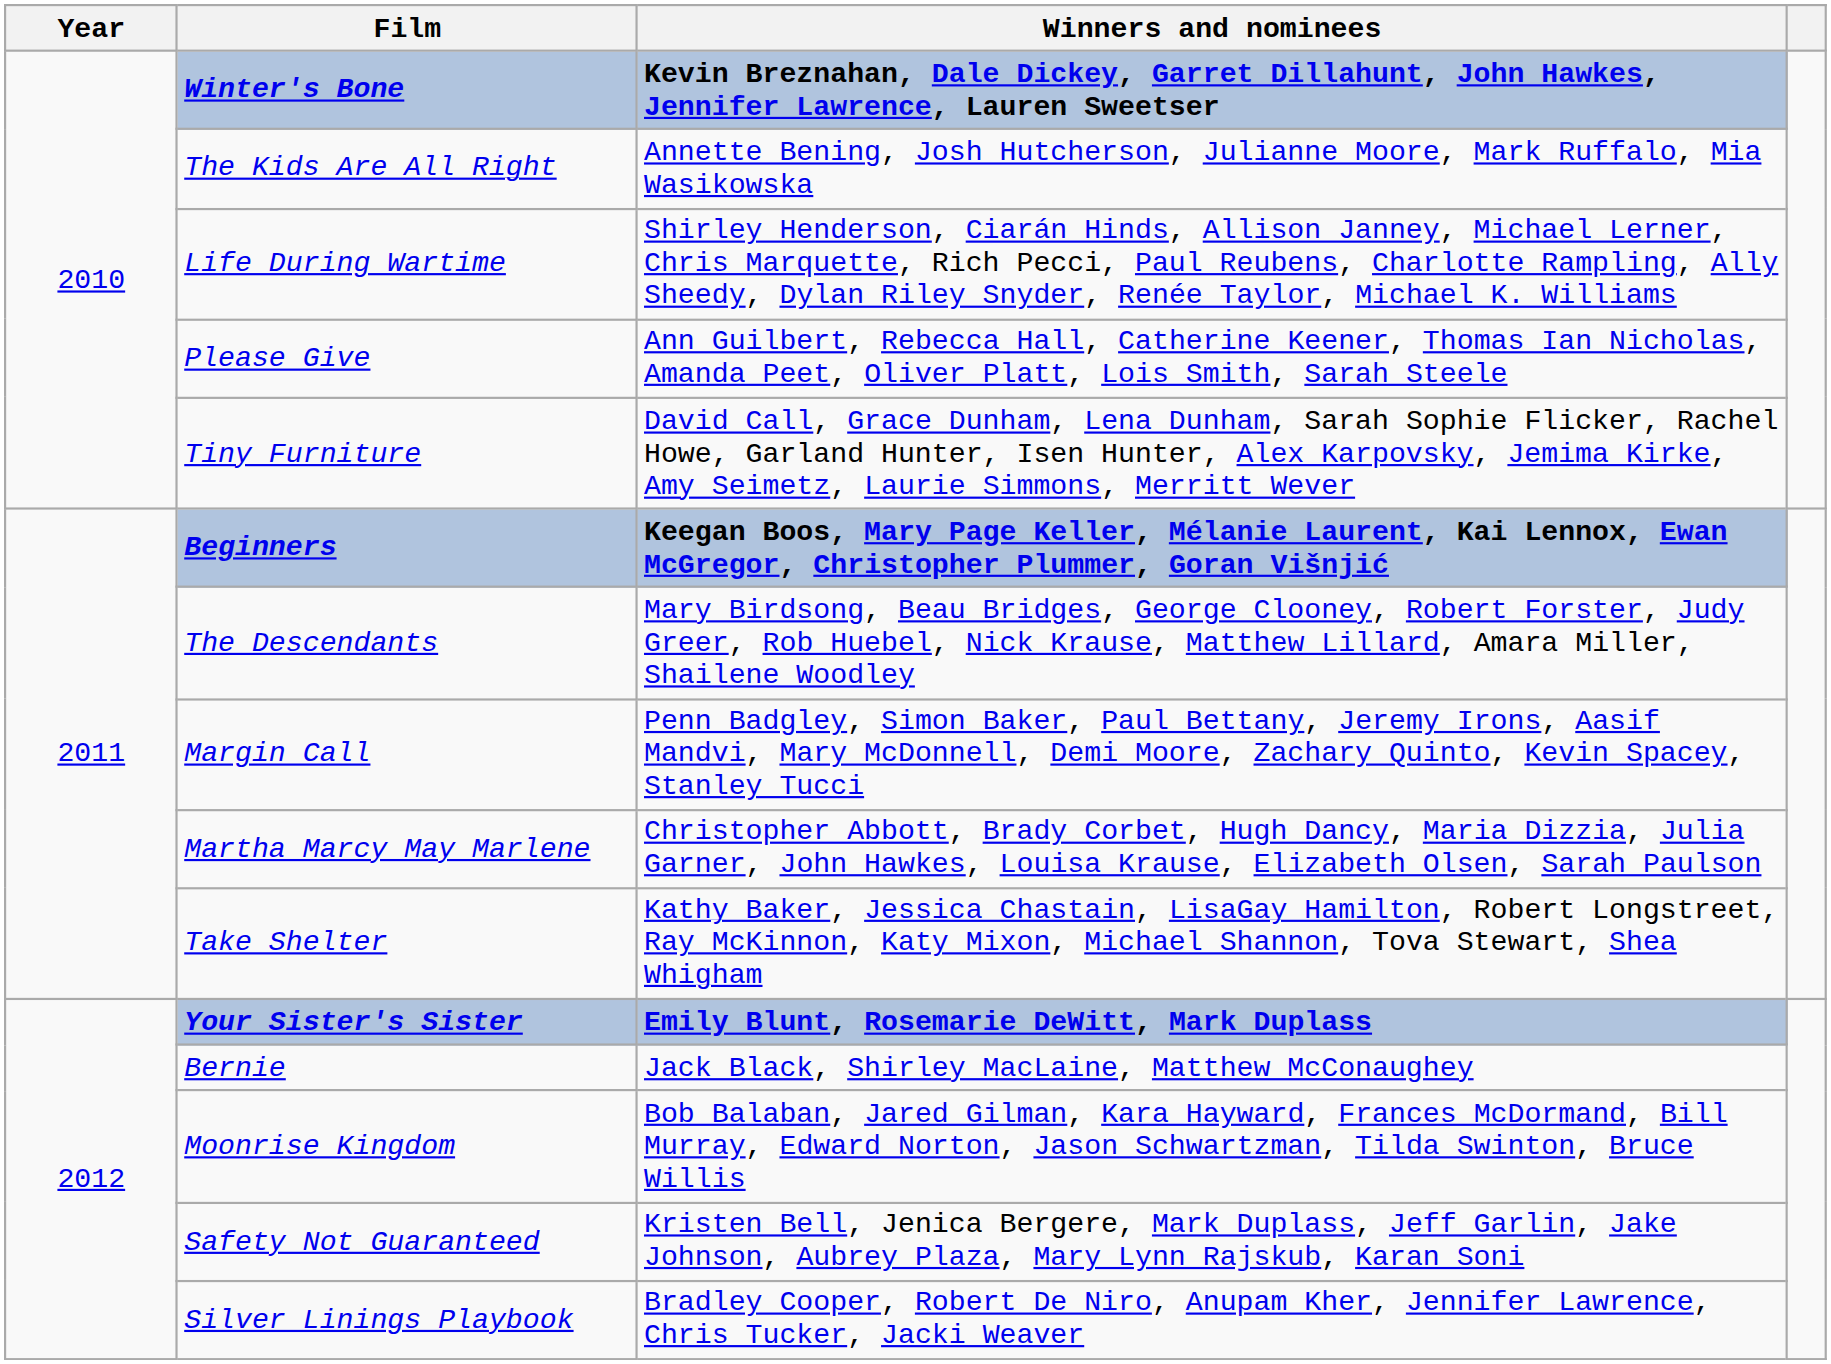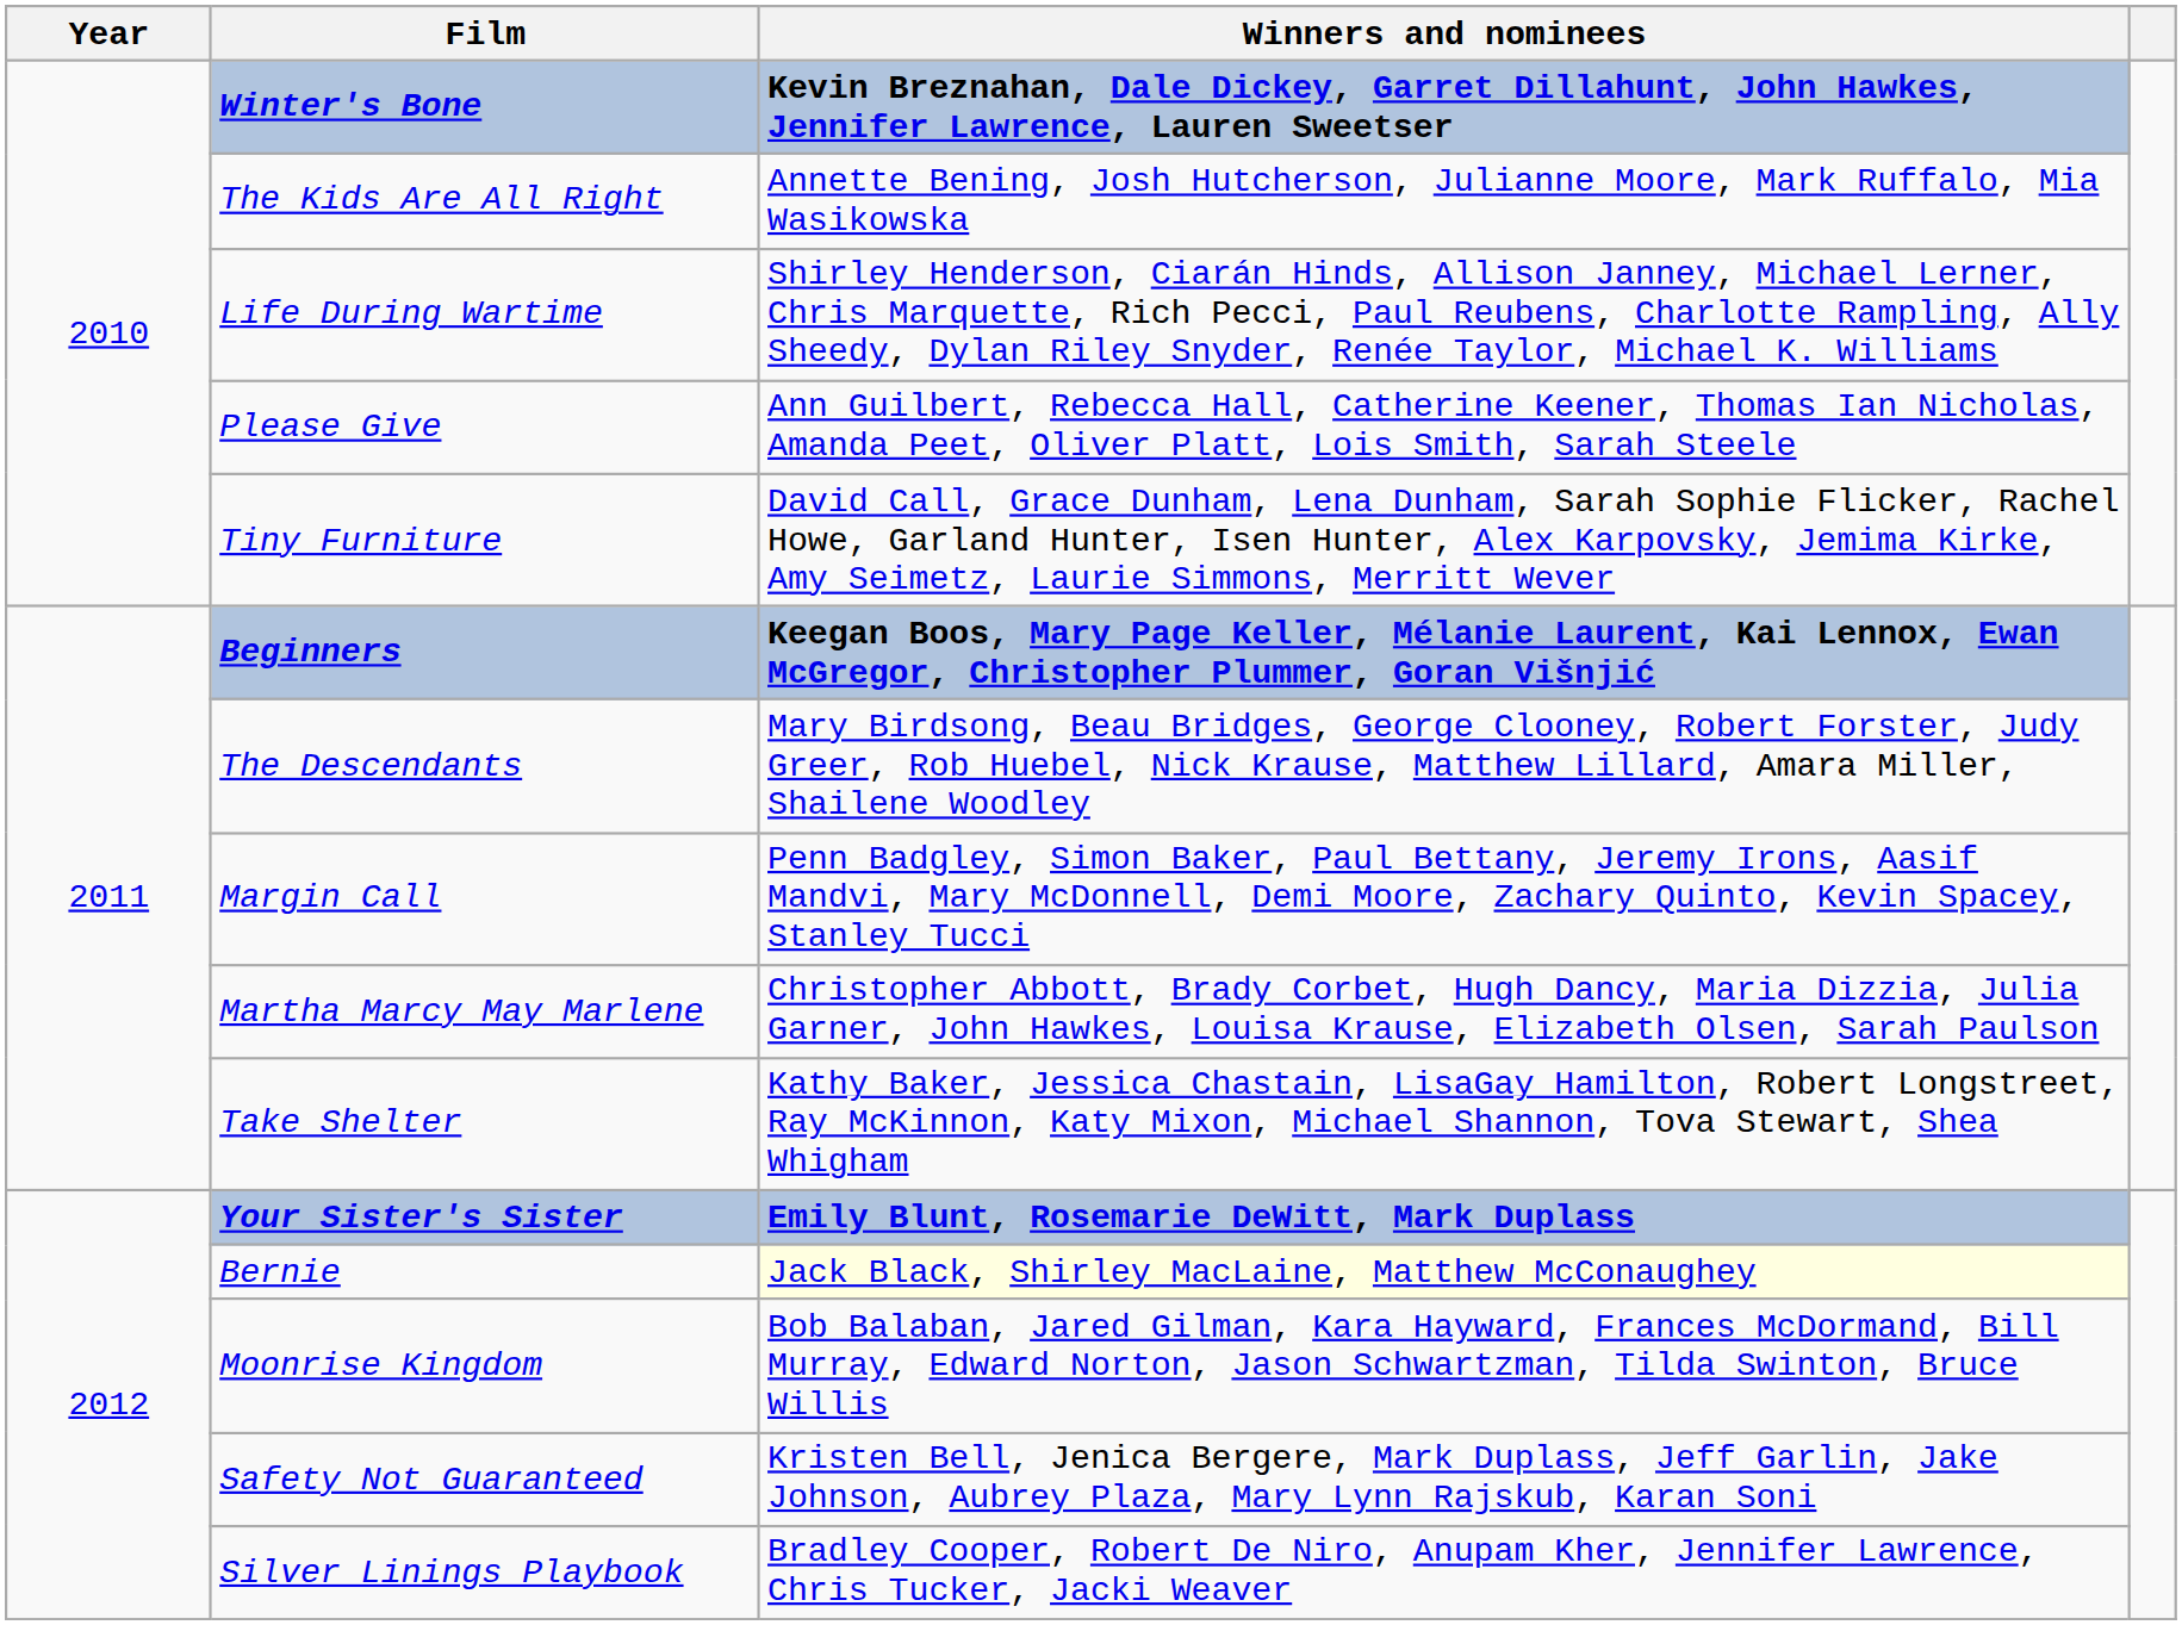 <table class="wikitable" width="95%" cellpadding="5">
 <tr>
 <th width="9%"><strong>Year</strong></th>
 <th width="24%"><strong>Film</strong></th>
 <th width="60%"><strong>Winners and nominees</strong></th>
 <th width="2%"><strong></strong></th>
 </tr>
 <tr>
 <td rowspan="5" style="text-align:center;"><a href='#'>2010</a></td>
 <td style="background:#B0C4DE"><strong><em><a href='#'>Winter's Bone</a></em></strong></td>
 <td style="background:#B0C4DE"><strong>Kevin Breznahan, <a href='#'>Dale Dickey</a>, <a href='#'>Garret Dillahunt</a>, <a href='#'>John Hawkes</a>, <a href='#'>Jennifer Lawrence</a>, Lauren Sweetser</strong></td>
 <td rowspan="5" style="text-align:center;"></td>
 </tr>
 <tr>
 <td><em><a href='#'>The Kids Are All Right</a></em></td>
 <td><a href='#'>Annette Bening</a>, <a href='#'>Josh Hutcherson</a>, <a href='#'>Julianne Moore</a>, <a href='#'>Mark Ruffalo</a>, <a href='#'>Mia Wasikowska</a></td>
 </tr>
 <tr>
 <td><em><a href='#'>Life During Wartime</a></em></td>
 <td><a href='#'>Shirley Henderson</a>, <a href='#'>Ciarán Hinds</a>, <a href='#'>Allison Janney</a>, <a href='#'>Michael Lerner</a>, <a href='#'>Chris Marquette</a>, Rich Pecci, <a href='#'>Paul Reubens</a>, <a href='#'>Charlotte Rampling</a>, <a href='#'>Ally Sheedy</a>, <a href='#'>Dylan Riley Snyder</a>, <a href='#'>Renée Taylor</a>, <a href='#'>Michael K. Williams</a></td>
 </tr>
 <tr>
 <td><em><a href='#'>Please Give</a></em></td>
 <td><a href='#'>Ann Guilbert</a>, <a href='#'>Rebecca Hall</a>, <a href='#'>Catherine Keener</a>, <a href='#'>Thomas Ian Nicholas</a>, <a href='#'>Amanda Peet</a>, <a href='#'>Oliver Platt</a>, <a href='#'>Lois Smith</a>, <a href='#'>Sarah Steele</a></td>
 </tr>
 <tr>
 <td><em><a href='#'>Tiny Furniture</a></em></td>
 <td><a href='#'>David Call</a>, <a href='#'>Grace Dunham</a>, <a href='#'>Lena Dunham</a>, Sarah Sophie Flicker, Rachel Howe, Garland Hunter, Isen Hunter, <a href='#'>Alex Karpovsky</a>, <a href='#'>Jemima Kirke</a>,  <a href='#'>Amy Seimetz</a>, <a href='#'>Laurie Simmons</a>, <a href='#'>Merritt Wever</a></td>
 </tr>
 <tr>
 <td rowspan="5" style="text-align:center;"><a href='#'>2011</a></td>
 <td style="background:#B0C4DE"><strong><em><a href='#'>Beginners</a></em></strong></td>
 <td style="background:#B0C4DE"><strong>Keegan Boos, <a href='#'>Mary Page Keller</a>, <a href='#'>Mélanie Laurent</a>, Kai Lennox, <a href='#'>Ewan McGregor</a>, <a href='#'>Christopher Plummer</a>, <a href='#'>Goran Višnjić</a></strong></td>
 <td rowspan="5" style="text-align:center;"></td>
 </tr>
 <tr>
 <td><em><a href='#'>The Descendants</a></em></td>
 <td><a href='#'>Mary Birdsong</a>, <a href='#'>Beau Bridges</a>, <a href='#'>George Clooney</a>, <a href='#'>Robert Forster</a>, <a href='#'>Judy Greer</a>, <a href='#'>Rob Huebel</a>, <a href='#'>Nick Krause</a>, <a href='#'>Matthew Lillard</a>, Amara Miller, <a href='#'>Shailene Woodley</a></td>
 </tr>
 <tr>
 <td><em><a href='#'>Margin Call</a></em></td>
 <td><a href='#'>Penn Badgley</a>, <a href='#'>Simon Baker</a>, <a href='#'>Paul Bettany</a>, <a href='#'>Jeremy Irons</a>, <a href='#'>Aasif Mandvi</a>, <a href='#'>Mary McDonnell</a>, <a href='#'>Demi Moore</a>, <a href='#'>Zachary Quinto</a>, <a href='#'>Kevin Spacey</a>, <a href='#'>Stanley Tucci</a></td>
 </tr>
 <tr>
 <td><em><a href='#'>Martha Marcy May Marlene</a></em></td>
 <td><a href='#'>Christopher Abbott</a>, <a href='#'>Brady Corbet</a>, <a href='#'>Hugh Dancy</a>, <a href='#'>Maria Dizzia</a>, <a href='#'>Julia Garner</a>, <a href='#'>John Hawkes</a>, <a href='#'>Louisa Krause</a>, <a href='#'>Elizabeth Olsen</a>, <a href='#'>Sarah Paulson</a></td>
 </tr>
 <tr>
 <td><em><a href='#'>Take Shelter</a></em></td>
 <td><a href='#'>Kathy Baker</a>, <a href='#'>Jessica Chastain</a>, <a href='#'>LisaGay Hamilton</a>, Robert Longstreet, <a href='#'>Ray McKinnon</a>, <a href='#'>Katy Mixon</a>, <a href='#'>Michael Shannon</a>, Tova Stewart, <a href='#'>Shea Whigham</a></td>
 </tr>
 <tr>
 <td rowspan="5" style="text-align:center;"><a href='#'>2012</a></td>
 <td style="background:#B0C4DE"><strong><em><a href='#'>Your Sister's Sister</a></em></strong></td>
 <td style="background:#B0C4DE"><strong><a href='#'>Emily Blunt</a>, <a href='#'>Rosemarie DeWitt</a>, <a href='#'>Mark Duplass</a></strong></td>
 <td rowspan="5" style="text-align:center;"><br></td>
 </tr>
 <tr>
 <td><em><a href='#'>Bernie</a></em></td>
-<td><a href='#'>Jack Black</a>, <a href='#'>Shirley MacLaine</a>, <a href='#'>Matthew McConaughey</a></td>
+<td style="background: lightyellow;"><a href='#'>Jack Black</a>, <a href='#'>Shirley MacLaine</a>, <a href='#'>Matthew McConaughey</a></td>
 </tr>
 <tr>
 <td><em><a href='#'>Moonrise Kingdom</a></em></td>
 <td><a href='#'>Bob Balaban</a>, <a href='#'>Jared Gilman</a>, <a href='#'>Kara Hayward</a>, <a href='#'>Frances McDormand</a>, <a href='#'>Bill Murray</a>, <a href='#'>Edward Norton</a>, <a href='#'>Jason Schwartzman</a>, <a href='#'>Tilda Swinton</a>, <a href='#'>Bruce Willis</a></td>
 </tr>
 <tr>
 <td><em><a href='#'>Safety Not Guaranteed</a></em></td>
 <td><a href='#'>Kristen Bell</a>, Jenica Bergere, <a href='#'>Mark Duplass</a>, <a href='#'>Jeff Garlin</a>, <a href='#'>Jake Johnson</a>, <a href='#'>Aubrey Plaza</a>, <a href='#'>Mary Lynn Rajskub</a>, <a href='#'>Karan Soni</a></td>
 </tr>
 <tr>
 <td><em><a href='#'>Silver Linings Playbook</a></em></td>
 <td><a href='#'>Bradley Cooper</a>, <a href='#'>Robert De Niro</a>, <a href='#'>Anupam Kher</a>, <a href='#'>Jennifer Lawrence</a>, <a href='#'>Chris Tucker</a>, <a href='#'>Jacki Weaver</a></td>
 </tr>
 </table>
